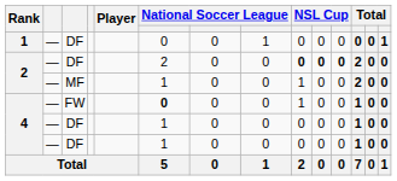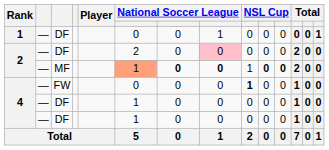 <table class="wikitable sortable" style="text-align:center">
 <tr>
 <th rowspan="2">Rank</th>
 <th rowspan="2"></th>
 <th rowspan="2"></th>
 <th rowspan="2"></th>
 <th rowspan="2">Player</th>
 <th colspan="3"><a href='#'>National Soccer League</a></th>
 <th colspan="3"><a href='#'>NSL Cup</a></th>
 <th colspan="3">Total</th>
 </tr>
 <tr>
 <th></th>
 <th></th>
 <th></th>
 <th></th>
 <th></th>
 <th></th>
 <th></th>
 <th></th>
 <th></th>
 </tr>
 <tr>
 <th>1</th>
 <td>—</td>
 <td>DF</td>
 <td></td>
 <td align="left"><br></td>
 <td>0</td>
 <td>0</td>
 <td>1<br></td>
 <td>0</td>
 <td>0</td>
 <td>0<br></td>
 <th>0</th>
 <th>0</th>
 <th>1</th>
 </tr>
 <tr>
 <th rowspan="2">2</th>
 <td>—</td>
 <td>DF</td>
 <td></td>
 <td align="left"><br></td>
 <td>2</td>
 <td>0</td>
+<td style="background: pink;">0<br></td>
+<td>0</td>
+<td>0</td>
 <td>0<br></td>
-<td><strong>0</strong></td>
-<td><strong>0</strong></td>
-<td><strong>0<br></strong></td>
 <th>2</th>
 <th>0</th>
 <th>0</th>
 </tr>
 <tr>
 <td>—</td>
 <td>MF</td>
 <td></td>
 <td align="left"><br></td>
+<td style="background: lightsalmon;">1</td>
+<td><strong>0</strong></td>
+<td><strong>0<br></strong></td>
 <td>1</td>
-<td>0</td>
-<td>0<br></td>
-<td>1</td>
-<td>0</td>
-<td>0<br></td>
+<td><strong>0</strong></td>
+<td><strong>0<br></strong></td>
 <th>2</th>
 <th>0</th>
 <th>0</th>
 </tr>
 <tr>
 <th rowspan="3">4</th>
 <td>—</td>
 <td>FW</td>
 <td></td>
 <td align="left"><br></td>
-<td><strong>0</strong></td>
+<td>0</td>
 <td>0</td>
 <td>0<br></td>
-<td>1</td>
+<td><strong>1</strong></td>
 <td>0</td>
 <td>0<br></td>
 <th>1</th>
 <th>0</th>
 <th>0</th>
 </tr>
 <tr>
 <td>—</td>
 <td>DF</td>
 <td></td>
 <td align="left"><br></td>
 <td>1</td>
 <td>0</td>
 <td>0<br></td>
 <td>0</td>
 <td>0</td>
 <td>0<br></td>
 <th>1</th>
 <th>0</th>
 <th>0</th>
 </tr>
 <tr>
 <td>—</td>
 <td>DF</td>
 <td></td>
 <td align="left"><br></td>
 <td>1</td>
 <td>0</td>
 <td>0<br></td>
 <td>0</td>
 <td>0</td>
 <td>0<br></td>
 <th>1</th>
 <th>0</th>
 <th>0</th>
 </tr>
 <tr>
 <th colspan="5">Total<br></th>
 <th>5</th>
 <th>0</th>
 <th>1<br></th>
 <th>2</th>
 <th>0</th>
 <th>0<br></th>
 <th>7</th>
 <th>0</th>
 <th>1</th>
 </tr>
 </table>
